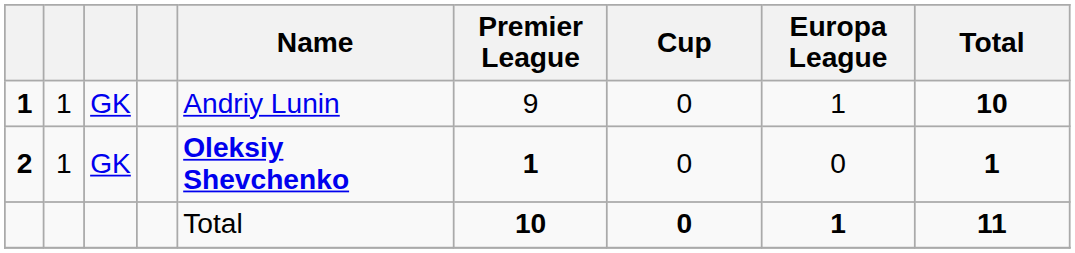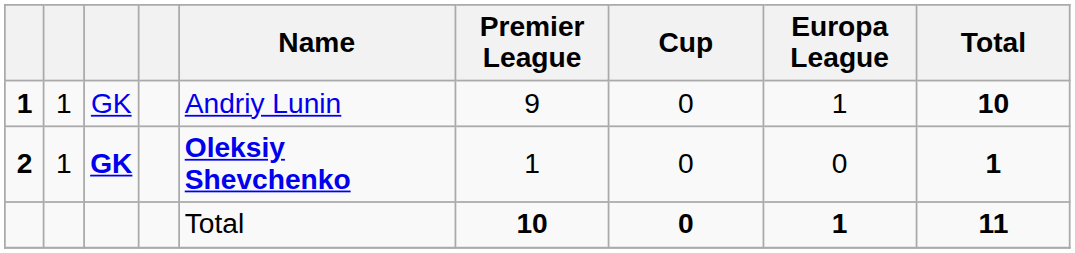 <table class="wikitable" style="text-align:center">
 <tr>
 <th width=15></th>
 <th width=15></th>
 <th width=15></th>
 <th width=15></th>
 <th width=150>Name</th>
 <th width=80><strong>Premier League</strong></th>
 <th width=80><strong>Cup</strong></th>
 <th width=80><strong>Europa League</strong></th>
 <th width=80>Total</th>
 </tr>
 <tr>
 <td><strong>1</strong></td>
 <td>1</td>
 <td><a href='#'>GK</a></td>
 <td></td>
 <td align=left><a href='#'>Andriy Lunin</a></td>
 <td>9</td>
 <td>0</td>
 <td>1</td>
 <td><strong>10</strong></td>
 </tr>
 <tr>
 <td><strong>2</strong></td>
 <td>1</td>
-<td><a href='#'>GK</a></td>
+<td><strong><a href='#'>GK</a></strong></td>
 <td></td>
 <td align=left><strong><a href='#'>Oleksiy Shevchenko</a></strong></td>
-<td><strong>1</strong></td>
+<td>1</td>
 <td>0</td>
 <td>0</td>
 <td><strong>1</strong></td>
 </tr>
 <tr>
 <td></td>
 <td></td>
 <td></td>
 <td></td>
 <td align=left>Total</td>
 <td><strong>10</strong></td>
 <td><strong>0</strong></td>
 <td><strong>1</strong></td>
 <td><strong>11</strong></td>
 </tr>
 <tr>
 </tr>
 </table>
